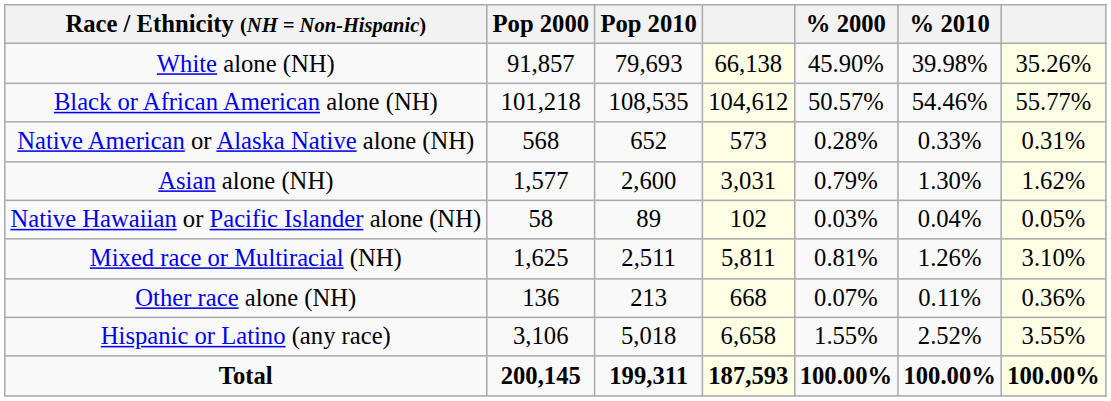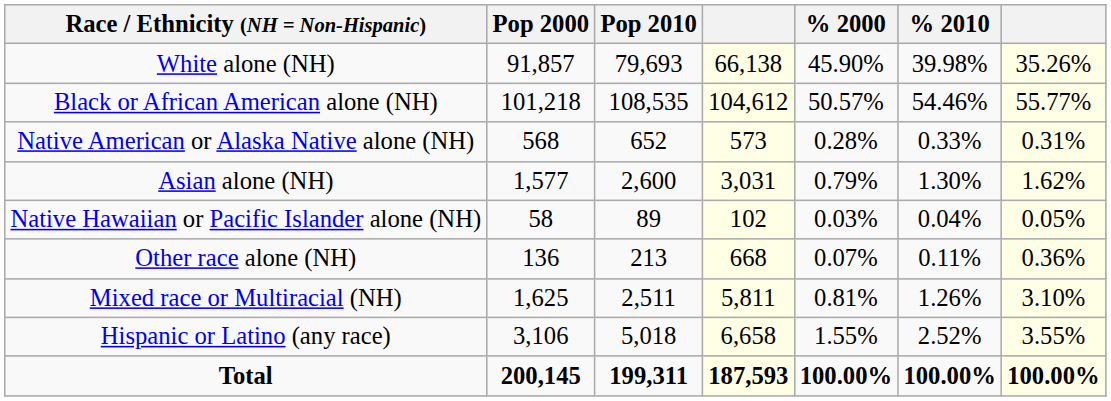 <table class="wikitable" style="text-align:center;">
 <tr>
 <th>Race / Ethnicity <small>(<em>NH = Non-Hispanic</em>)</small></th>
 <th>Pop 2000</th>
 <th>Pop 2010</th>
 <th></th>
 <th>% 2000</th>
 <th>% 2010</th>
 <th></th>
 </tr>
 <tr>
 <td><a href='#'>White</a> alone (NH)</td>
 <td>91,857</td>
 <td>79,693</td>
 <td style='background: #ffffe6;'>66,138</td>
 <td>45.90%</td>
 <td>39.98%</td>
 <td style='background: #ffffe6;'>35.26%</td>
 </tr>
 <tr>
 <td><a href='#'>Black or African American</a> alone (NH)</td>
 <td>101,218</td>
 <td>108,535</td>
 <td style='background: #ffffe6;'>104,612</td>
 <td>50.57%</td>
 <td>54.46%</td>
 <td style='background: #ffffe6;'>55.77%</td>
 </tr>
 <tr>
 <td><a href='#'>Native American</a> or <a href='#'>Alaska Native</a> alone (NH)</td>
 <td>568</td>
 <td>652</td>
 <td style='background: #ffffe6;'>573</td>
 <td>0.28%</td>
 <td>0.33%</td>
 <td style='background: #ffffe6;'>0.31%</td>
 </tr>
 <tr>
 <td><a href='#'>Asian</a> alone (NH)</td>
 <td>1,577</td>
 <td>2,600</td>
 <td style='background: #ffffe6;'>3,031</td>
 <td>0.79%</td>
 <td>1.30%</td>
 <td style='background: #ffffe6;'>1.62%</td>
 </tr>
 <tr>
 <td><a href='#'>Native Hawaiian</a> or <a href='#'>Pacific Islander</a> alone (NH)</td>
 <td>58</td>
 <td>89</td>
 <td style='background: #ffffe6;'>102</td>
 <td>0.03%</td>
 <td>0.04%</td>
 <td style='background: #ffffe6;'>0.05%</td>
 </tr>
 <tr>
+<td><a href='#'>Other race</a> alone (NH)</td>
+<td>136</td>
+<td>213</td>
+<td style='background: #ffffe6;'>668</td>
+<td>0.07%</td>
+<td>0.11%</td>
+<td style='background: #ffffe6;'>0.36%</td>
+</tr>
+<tr>
 <td><a href='#'>Mixed race or Multiracial</a> (NH)</td>
 <td>1,625</td>
 <td>2,511</td>
 <td style='background: #ffffe6;'>5,811</td>
 <td>0.81%</td>
 <td>1.26%</td>
 <td style='background: #ffffe6;'>3.10%</td>
-</tr>
-<tr>
-<td><a href='#'>Other race</a> alone (NH)</td>
-<td>136</td>
-<td>213</td>
-<td style='background: #ffffe6;'>668</td>
-<td>0.07%</td>
-<td>0.11%</td>
-<td style='background: #ffffe6;'>0.36%</td>
 </tr>
 <tr>
 <td><a href='#'>Hispanic or Latino</a> (any race)</td>
 <td>3,106</td>
 <td>5,018</td>
 <td style='background: #ffffe6;'>6,658</td>
 <td>1.55%</td>
 <td>2.52%</td>
 <td style='background: #ffffe6;'>3.55%</td>
 </tr>
 <tr>
 <td><strong>Total</strong></td>
 <td><strong>200,145</strong></td>
 <td><strong>199,311</strong></td>
 <td style='background: #ffffe6;'><strong>187,593</strong></td>
 <td><strong>100.00%</strong></td>
 <td><strong>100.00%</strong></td>
 <td style='background: #ffffe6;'><strong>100.00%</strong></td>
 </tr>
 </table>
